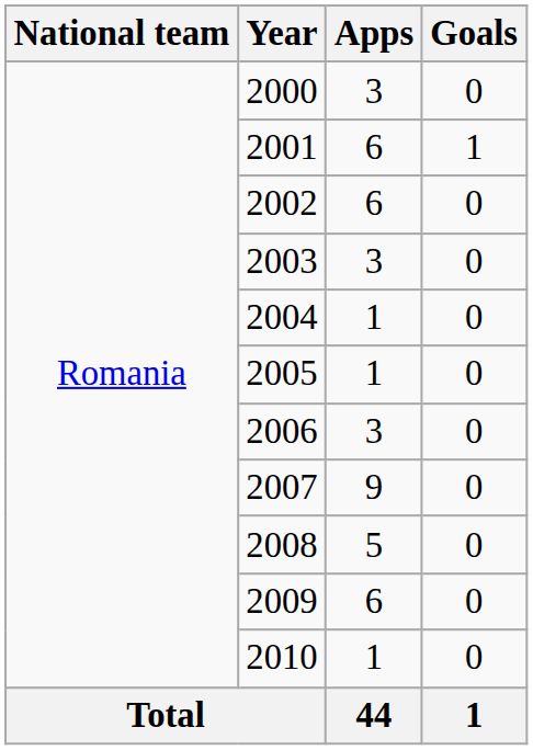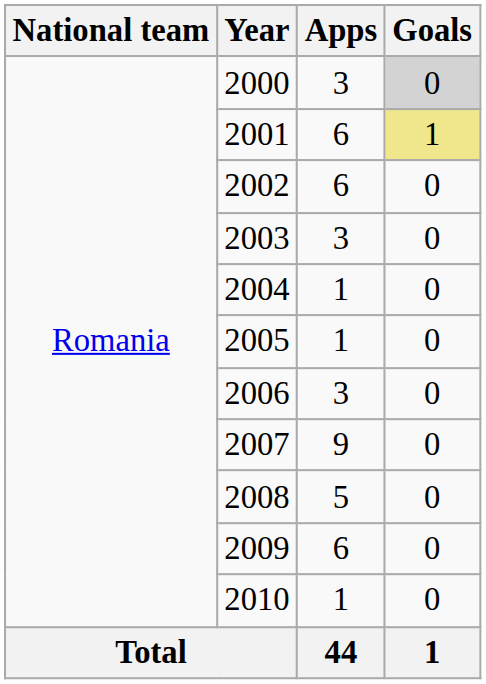 <table class="wikitable" style="text-align:center">
 <tr>
 <th>National team</th>
 <th>Year</th>
 <th>Apps</th>
 <th>Goals</th>
 </tr>
 <tr>
 <td rowspan="11"><a href='#'>Romania</a></td>
 <td>2000</td>
 <td>3</td>
-<td>0</td>
+<td style="background: lightgrey;">0</td>
 </tr>
 <tr>
 <td>2001</td>
 <td>6</td>
-<td>1</td>
+<td style="background: khaki;">1</td>
 </tr>
 <tr>
 <td>2002</td>
 <td>6</td>
 <td>0</td>
 </tr>
 <tr>
 <td>2003</td>
 <td>3</td>
 <td>0</td>
 </tr>
 <tr>
 <td>2004</td>
 <td>1</td>
 <td>0</td>
 </tr>
 <tr>
 <td>2005</td>
 <td>1</td>
 <td>0</td>
 </tr>
 <tr>
 <td>2006</td>
 <td>3</td>
 <td>0</td>
 </tr>
 <tr>
 <td>2007</td>
 <td>9</td>
 <td>0</td>
 </tr>
 <tr>
 <td>2008</td>
 <td>5</td>
 <td>0</td>
 </tr>
 <tr>
 <td>2009</td>
 <td>6</td>
 <td>0</td>
 </tr>
 <tr>
 <td>2010</td>
 <td>1</td>
 <td>0</td>
 </tr>
 <tr>
 <th colspan="2">Total</th>
 <th>44</th>
 <th>1</th>
 </tr>
 </table>
